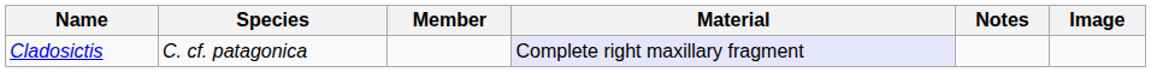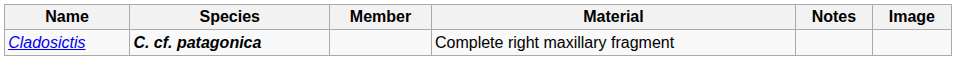 <table class="wikitable" align="center" width="75%">
 <tr>
 <th>Name</th>
 <th>Species</th>
 <th>Member</th>
 <th>Material</th>
 <th>Notes</th>
 <th>Image</th>
 </tr>
 <tr>
 <td><em><a href='#'>Cladosictis</a></em></td>
-<td><em>C. cf. patagonica</em></td>
+<td><strong><em>C. cf. patagonica</em></strong></td>
 <td></td>
-<td style="background: lavender;">Complete right maxillary fragment</td>
+<td>Complete right maxillary fragment</td>
 <td></td>
 <td></td>
 </tr>
 <tr>
 </tr>
 </table>
